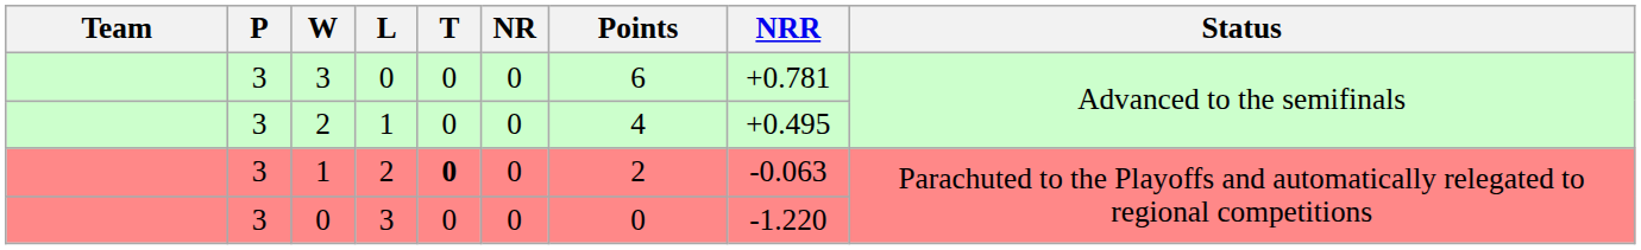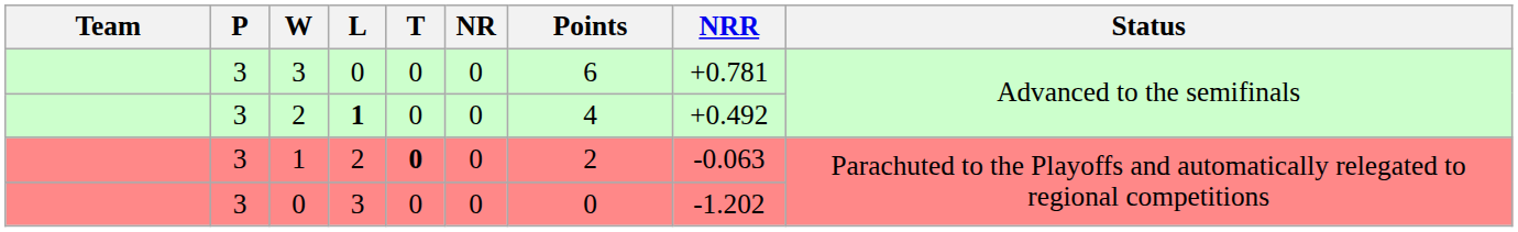 <table class="wikitable" style="text-align:center;">
 <tr>
 <th width=130>Team</th>
 <th width=30 abbr="Played">P</th>
 <th width=30 abbr="Won">W</th>
 <th width=30 abbr="Lost">L</th>
 <th width=30 abbr="Tied">T</th>
 <th width=30 abbr="No result">NR</th>
 <th width=100 abbr="Points">Points</th>
 <th width=60 abbr="Net run rate"><a href='#'>NRR</a></th>
 <th width=495>Status</th>
 </tr>
 <tr bgcolor=ccffcc>
 <td align="left"></td>
 <td>3</td>
 <td>3</td>
 <td>0</td>
 <td>0</td>
 <td>0</td>
 <td>6</td>
 <td>+0.781</td>
 <td rowspan=2>Advanced to the semifinals</td>
 </tr>
 <tr bgcolor=ccffcc>
 <td align="left"></td>
 <td>3</td>
 <td>2</td>
-<td>1</td>
+<td><strong>1</strong></td>
 <td>0</td>
 <td>0</td>
 <td>4</td>
-<td>+0.495</td>
+<td>+0.492</td>
 </tr>
 <tr bgcolor=#FF8888>
 <td align="left"></td>
 <td>3</td>
 <td>1</td>
 <td>2</td>
 <td><strong>0</strong></td>
 <td>0</td>
 <td>2</td>
 <td>-0.063</td>
 <td rowspan=2>Parachuted to the Playoffs and automatically relegated to regional competitions</td>
 </tr>
 <tr bgcolor=#FF8888>
 <td align="left"></td>
 <td>3</td>
 <td>0</td>
 <td>3</td>
 <td>0</td>
 <td>0</td>
 <td>0</td>
-<td>-1.220</td>
+<td>-1.202</td>
 </tr>
 </table>
